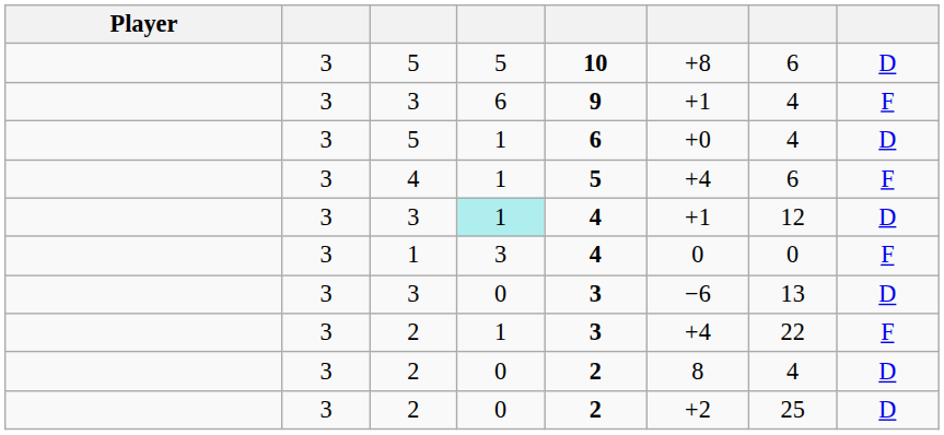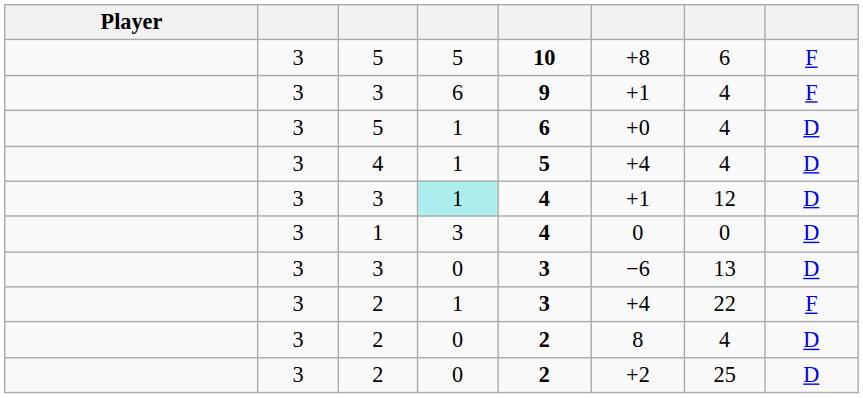 <table class="wikitable sortable" style="text-align:center;">
 <tr>
 <th width="175px">Player</th>
 <th width="50px"></th>
 <th width="50px"></th>
 <th width="50px"></th>
 <th width="60px"></th>
 <th width="60px"></th>
 <th width="50px"></th>
 <th width="60px"></th>
 </tr>
 <tr>
 <td align="left"> </td>
 <td>3</td>
 <td>5</td>
 <td>5</td>
 <td><strong>10</strong></td>
 <td>+8</td>
 <td>6</td>
-<td><a href='#'>D</a></td>
+<td><a href='#'>F</a></td>
 </tr>
 <tr>
 <td align="left"> </td>
 <td>3</td>
 <td>3</td>
 <td>6</td>
 <td><strong>9</strong></td>
 <td>+1</td>
 <td>4</td>
 <td><a href='#'>F</a></td>
 </tr>
 <tr>
 <td align="left"> </td>
 <td>3</td>
 <td>5</td>
 <td>1</td>
 <td><strong>6</strong></td>
 <td>+0</td>
 <td>4</td>
 <td><a href='#'>D</a></td>
 </tr>
 <tr>
 <td align="left"> </td>
 <td>3</td>
 <td>4</td>
 <td>1</td>
 <td><strong>5</strong></td>
 <td>+4</td>
-<td>6</td>
-<td><a href='#'>F</a></td>
+<td>4</td>
+<td><a href='#'>D</a></td>
 </tr>
 <tr>
 <td align="left"> </td>
 <td>3</td>
 <td>3</td>
 <td style="background: paleturquoise;">1</td>
 <td><strong>4</strong></td>
 <td>+1</td>
 <td>12</td>
 <td><a href='#'>D</a></td>
 </tr>
 <tr>
 <td align="left"> </td>
 <td>3</td>
 <td>1</td>
 <td>3</td>
 <td><strong>4</strong></td>
 <td>0</td>
 <td>0</td>
-<td><a href='#'>F</a></td>
+<td><a href='#'>D</a></td>
 </tr>
 <tr>
 <td align="left"> </td>
 <td>3</td>
 <td>3</td>
 <td>0</td>
 <td><strong>3</strong></td>
 <td>−6</td>
 <td>13</td>
 <td><a href='#'>D</a></td>
 </tr>
 <tr>
 <td align="left"> </td>
 <td>3</td>
 <td>2</td>
 <td>1</td>
 <td><strong>3</strong></td>
 <td>+4</td>
 <td>22</td>
 <td><a href='#'>F</a></td>
 </tr>
 <tr>
 <td align="left"> </td>
 <td>3</td>
 <td>2</td>
 <td>0</td>
 <td><strong>2</strong></td>
 <td>8</td>
 <td>4</td>
 <td><a href='#'>D</a></td>
 </tr>
 <tr>
 <td align="left"> </td>
 <td>3</td>
 <td>2</td>
 <td>0</td>
 <td><strong>2</strong></td>
 <td>+2</td>
 <td>25</td>
 <td><a href='#'>D</a></td>
 </tr>
 </table>
